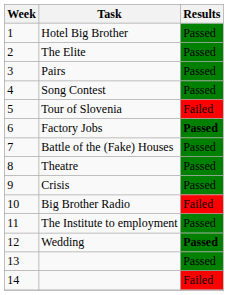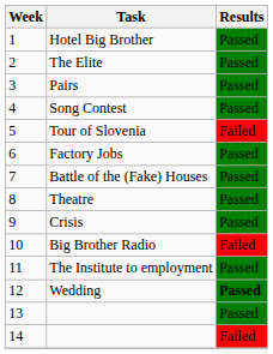 <table class="wikitable">
 <tr>
 <th>Week</th>
 <th>Task</th>
 <th>Results</th>
 </tr>
 <tr>
 <td>1</td>
 <td>Hotel Big Brother</td>
 <td bgcolor="green">Passed</td>
 </tr>
 <tr>
 <td>2</td>
 <td>The Elite</td>
 <td bgcolor="green">Passed</td>
 </tr>
 <tr>
 <td>3</td>
 <td>Pairs</td>
 <td bgcolor="green">Passed</td>
 </tr>
 <tr>
 <td>4</td>
 <td>Song Contest</td>
 <td bgcolor="green">Passed</td>
 </tr>
 <tr>
 <td>5</td>
 <td>Tour of Slovenia</td>
 <td bgcolor="red">Failed</td>
 </tr>
 <tr>
 <td>6</td>
 <td>Factory Jobs</td>
-<td bgcolor="green"><strong>Passed</strong></td>
+<td bgcolor="green">Passed</td>
 </tr>
 <tr>
 <td>7</td>
 <td>Battle of the (Fake) Houses</td>
 <td bgcolor="green">Passed</td>
 </tr>
 <tr>
 <td>8</td>
 <td>Theatre</td>
 <td bgcolor="green">Passed</td>
 </tr>
 <tr>
 <td>9</td>
 <td>Crisis</td>
 <td bgcolor="green">Passed</td>
 </tr>
 <tr>
 <td>10</td>
 <td>Big Brother Radio</td>
 <td bgcolor="red">Failed</td>
 </tr>
 <tr>
 <td>11</td>
 <td>The Institute to employment</td>
 <td bgcolor="green">Passed</td>
 </tr>
 <tr>
 <td>12</td>
 <td>Wedding</td>
 <td bgcolor="green"><strong>Passed</strong></td>
 </tr>
 <tr>
 <td>13</td>
 <td></td>
 <td bgcolor="green">Passed</td>
 </tr>
 <tr>
 <td>14</td>
 <td></td>
 <td bgcolor="red">Failed</td>
 </tr>
 <tr>
 </tr>
 </table>
